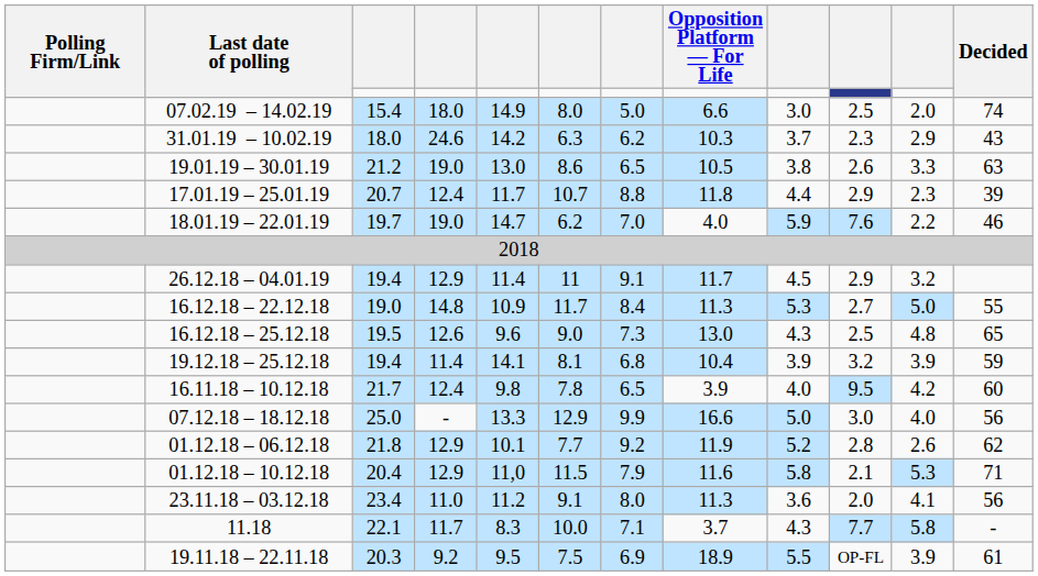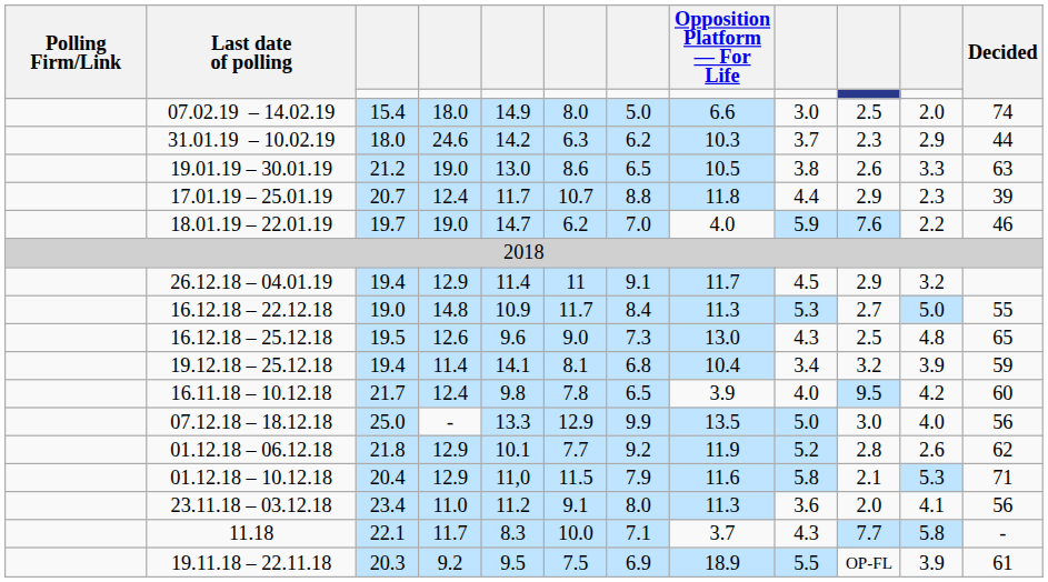 <table class="wikitable" style="text-align:center;font-size:95%;line-height:14px;">
 <tr style="height:40px; background-color:#E9E9E9">
 <th rowspan="2" style="width:99px;">Polling Firm/Link</th>
 <th rowspan="2" style="width:150px;">Last date<br>of polling</th>
 <th style="width:40px;"></th>
 <th style="width:40px;"></th>
 <th style="width:40px;"></th>
 <th style="width:40px;"></th>
 <th style="width:40px;"></th>
 <th style="width:40px;"><a href='#'>Opposition Platform — For Life</a></th>
 <th style="width:40px;"></th>
 <th style="width:40px;"></th>
 <th style="width:40px;"></th>
 <th style="width:40px;" rowspan=2>Decided</th>
 </tr>
 <tr>
 <td style="background:"></td>
 <td style="background:"></td>
 <td style="background:"></td>
 <td style="background:"></td>
 <td style="background:"></td>
 <td style="background:"></td>
 <td style="background:"></td>
 <td style="background:#29388B" ></td>
 <td style="background:"></td>
 </tr>
 <tr>
 <td></td>
 <td>07.02.19  – 14.02.19</td>
 <td bgcolor="#bfe4ff" >15.4</td>
 <td bgcolor="#bfe4ff" >18.0</td>
 <td bgcolor="#bfe4ff" >14.9</td>
 <td bgcolor="#bfe4ff" >8.0</td>
 <td bgcolor="#bfe4ff" >5.0</td>
 <td bgcolor="#bfe4ff" >6.6</td>
 <td>3.0</td>
 <td>2.5</td>
 <td>2.0</td>
 <td>74</td>
 </tr>
 <tr>
 <td></td>
 <td>31.01.19  – 10.02.19</td>
 <td bgcolor="#bfe4ff" >18.0</td>
 <td bgcolor="#bfe4ff" >24.6</td>
 <td bgcolor="#bfe4ff" >14.2</td>
 <td bgcolor="#bfe4ff" >6.3</td>
 <td bgcolor="#bfe4ff" >6.2</td>
 <td bgcolor="#bfe4ff" >10.3</td>
 <td>3.7</td>
 <td>2.3</td>
 <td>2.9</td>
-<td>43</td>
+<td>44</td>
 </tr>
 <tr>
 <td></td>
 <td>19.01.19 – 30.01.19</td>
 <td bgcolor="#bfe4ff" >21.2</td>
 <td bgcolor="#bfe4ff" >19.0</td>
 <td bgcolor="#bfe4ff" >13.0</td>
 <td bgcolor="#bfe4ff" >8.6</td>
 <td bgcolor="#bfe4ff" >6.5</td>
 <td bgcolor="#bfe4ff" >10.5</td>
 <td>3.8</td>
 <td>2.6</td>
 <td>3.3</td>
 <td>63</td>
 </tr>
 <tr>
 <td></td>
 <td>17.01.19 – 25.01.19</td>
 <td bgcolor="#bfe4ff" >20.7</td>
 <td bgcolor="#bfe4ff" >12.4</td>
 <td bgcolor="#bfe4ff" >11.7</td>
 <td bgcolor="#bfe4ff" >10.7</td>
 <td bgcolor="#bfe4ff" >8.8</td>
 <td bgcolor="#bfe4ff" >11.8</td>
 <td>4.4</td>
 <td>2.9</td>
 <td>2.3</td>
 <td>39</td>
 </tr>
 <tr>
 <td></td>
 <td>18.01.19 – 22.01.19</td>
 <td bgcolor="#bfe4ff" >19.7</td>
 <td bgcolor="#bfe4ff" >19.0</td>
 <td bgcolor="#bfe4ff" >14.7</td>
 <td bgcolor="#bfe4ff" >6.2</td>
 <td bgcolor="#bfe4ff" >7.0</td>
 <td>4.0</td>
 <td bgcolor="#bfe4ff" >5.9</td>
 <td bgcolor="#bfe4ff" >7.6</td>
 <td>2.2</td>
 <td>46</td>
 </tr>
 <tr>
 <td colspan="15" style="background:#D0D0D0; color:black">2018</td>
 </tr>
 <tr>
 <td></td>
 <td>26.12.18 – 04.01.19</td>
 <td bgcolor="#bfe4ff" >19.4</td>
 <td bgcolor="#bfe4ff" >12.9</td>
 <td bgcolor="#bfe4ff" >11.4</td>
 <td bgcolor="#bfe4ff" >11</td>
 <td bgcolor="#bfe4ff" >9.1</td>
 <td bgcolor="#bfe4ff" >11.7</td>
 <td>4.5</td>
 <td>2.9</td>
 <td>3.2</td>
 <td></td>
 </tr>
 <tr>
 <td></td>
 <td>16.12.18 – 22.12.18</td>
 <td bgcolor="#bfe4ff" >19.0</td>
 <td bgcolor="#bfe4ff" >14.8</td>
 <td bgcolor="#bfe4ff" >10.9</td>
 <td bgcolor="#bfe4ff" >11.7</td>
 <td bgcolor="#bfe4ff" >8.4</td>
 <td bgcolor="#bfe4ff" >11.3</td>
 <td bgcolor="#bfe4ff" >5.3</td>
 <td>2.7</td>
 <td bgcolor="#bfe4ff" >5.0</td>
 <td>55</td>
 </tr>
 <tr>
 <td> </td>
 <td>16.12.18 – 25.12.18</td>
 <td bgcolor="#bfe4ff" >19.5</td>
 <td bgcolor="#bfe4ff" >12.6</td>
 <td bgcolor="#bfe4ff" >9.6</td>
 <td bgcolor="#bfe4ff" >9.0</td>
 <td bgcolor="#bfe4ff" >7.3</td>
 <td bgcolor="#bfe4ff" >13.0</td>
 <td>4.3</td>
 <td>2.5</td>
 <td>4.8</td>
 <td>65</td>
 </tr>
 <tr>
 <td></td>
 <td>19.12.18 – 25.12.18</td>
 <td bgcolor="#bfe4ff" >19.4</td>
 <td bgcolor="#bfe4ff" >11.4</td>
 <td bgcolor="#bfe4ff" >14.1</td>
 <td bgcolor="#bfe4ff" >8.1</td>
 <td bgcolor="#bfe4ff" >6.8</td>
 <td bgcolor="#bfe4ff" >10.4</td>
-<td>3.9</td>
+<td>3.4</td>
 <td>3.2</td>
 <td>3.9</td>
 <td>59</td>
 </tr>
 <tr>
 <td></td>
 <td>16.11.18 – 10.12.18</td>
 <td bgcolor="#bfe4ff" >21.7</td>
 <td bgcolor="#bfe4ff" >12.4</td>
 <td bgcolor="#bfe4ff" >9.8</td>
 <td bgcolor="#bfe4ff" >7.8</td>
 <td bgcolor="#bfe4ff" >6.5</td>
 <td>3.9</td>
 <td>4.0</td>
 <td bgcolor="#bfe4ff" >9.5</td>
 <td>4.2</td>
 <td>60</td>
 </tr>
 <tr>
 <td></td>
 <td>07.12.18 – 18.12.18</td>
 <td bgcolor="#bfe4ff" >25.0</td>
 <td>-</td>
 <td bgcolor="#bfe4ff" >13.3</td>
 <td bgcolor="#bfe4ff" >12.9</td>
 <td bgcolor="#bfe4ff" >9.9</td>
-<td bgcolor="#bfe4ff" >16.6</td>
+<td bgcolor="#bfe4ff" >13.5</td>
 <td bgcolor="#bfe4ff" >5.0</td>
 <td>3.0</td>
 <td>4.0</td>
 <td>56</td>
 </tr>
 <tr>
 <td></td>
 <td>01.12.18 – 06.12.18</td>
 <td bgcolor="#bfe4ff" >21.8</td>
 <td bgcolor="#bfe4ff" >12.9</td>
 <td bgcolor="#bfe4ff" >10.1</td>
 <td bgcolor="#bfe4ff" >7.7</td>
 <td bgcolor="#bfe4ff" >9.2</td>
 <td bgcolor="#bfe4ff" >11.9</td>
 <td bgcolor="#bfe4ff" >5.2</td>
 <td>2.8</td>
 <td>2.6</td>
 <td>62</td>
 </tr>
 <tr>
 <td></td>
 <td>01.12.18 – 10.12.18</td>
 <td bgcolor="#bfe4ff" >20.4</td>
 <td bgcolor="#bfe4ff" >12.9</td>
 <td bgcolor="#bfe4ff" >11,0</td>
 <td bgcolor="#bfe4ff" >11.5</td>
 <td bgcolor="#bfe4ff" >7.9</td>
 <td bgcolor="#bfe4ff" >11.6</td>
 <td bgcolor="#bfe4ff" >5.8</td>
 <td>2.1</td>
 <td bgcolor="#bfe4ff" >5.3</td>
 <td>71</td>
 </tr>
 <tr>
 <td></td>
 <td>23.11.18 – 03.12.18</td>
 <td bgcolor="#bfe4ff" >23.4</td>
 <td bgcolor="#bfe4ff" >11.0</td>
 <td bgcolor="#bfe4ff" >11.2</td>
 <td bgcolor="#bfe4ff" >9.1</td>
 <td bgcolor="#bfe4ff" >8.0</td>
 <td bgcolor="#bfe4ff" >11.3</td>
 <td>3.6</td>
 <td>2.0</td>
 <td>4.1</td>
 <td>56</td>
 </tr>
 <tr>
 <td></td>
 <td>11.18</td>
 <td bgcolor="#bfe4ff" >22.1</td>
 <td bgcolor="#bfe4ff" >11.7</td>
 <td bgcolor="#bfe4ff" >8.3</td>
 <td bgcolor="#bfe4ff" >10.0</td>
 <td bgcolor="#bfe4ff" >7.1</td>
 <td>3.7</td>
 <td>4.3</td>
 <td bgcolor="#bfe4ff" >7.7</td>
 <td bgcolor="#bfe4ff" >5.8</td>
 <td>-</td>
 </tr>
 <tr>
 <td></td>
 <td>19.11.18 – 22.11.18</td>
 <td bgcolor="#bfe4ff" >20.3</td>
 <td bgcolor="#bfe4ff" >9.2</td>
 <td bgcolor="#bfe4ff" >9.5</td>
 <td bgcolor="#bfe4ff" >7.5</td>
 <td bgcolor="#bfe4ff" >6.9</td>
 <td bgcolor="#bfe4ff" >18.9</td>
 <td bgcolor="#bfe4ff" >5.5</td>
 <td><small>OP-FL</small></td>
 <td>3.9</td>
 <td>61</td>
 </tr>
 </table>
